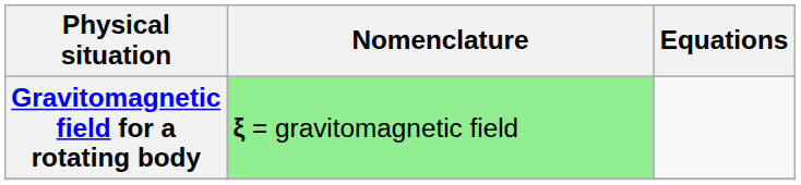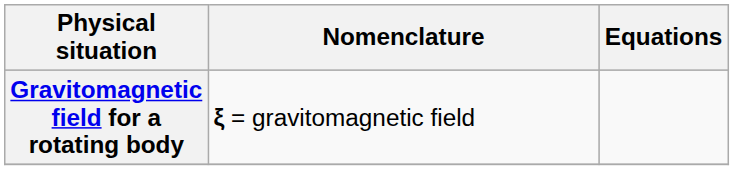 <table class="wikitable">
 <tr>
 <th scope="col" width="100">Physical situation</th>
 <th scope="col" width="250">Nomenclature</th>
 <th scope="col" width="10">Equations</th>
 </tr>
 <tr>
 <th><a href='#'>Gravitomagnetic field</a> for a rotating body</th>
-<td style="background: lightgreen;"><strong>ξ</strong> = gravitomagnetic field</td>
+<td><strong>ξ</strong> = gravitomagnetic field</td>
 <td></td>
 </tr>
 <tr>
 </tr>
 </table>
